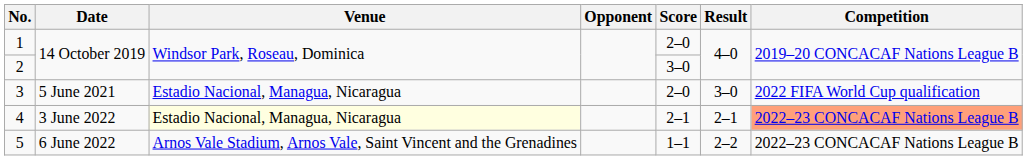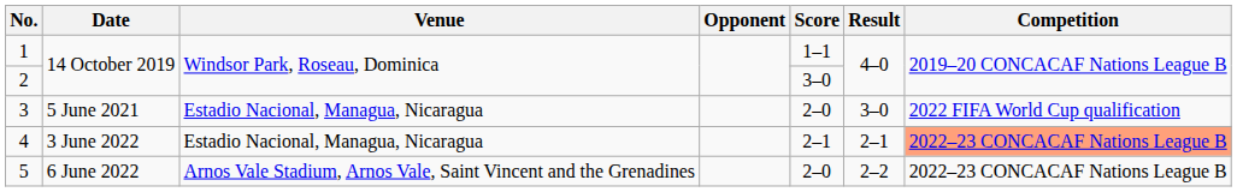 <table class="wikitable sortable">
 <tr>
 <th>No.</th>
 <th>Date</th>
 <th>Venue</th>
 <th>Opponent</th>
 <th>Score</th>
 <th>Result</th>
 <th>Competition</th>
 </tr>
 <tr>
 <td align=center>1</td>
 <td rowspan=2>14 October 2019</td>
 <td rowspan=2><a href='#'>Windsor Park</a>, <a href='#'>Roseau</a>, Dominica</td>
 <td rowspan=2></td>
-<td align=center>2–0</td>
+<td align=center>1–1</td>
 <td rowspan=2 align=center>4–0</td>
 <td rowspan=2><a href='#'>2019–20 CONCACAF Nations League B</a></td>
 </tr>
 <tr>
 <td align=center>2</td>
 <td align=center>3–0</td>
 </tr>
 <tr>
 <td align=center>3</td>
 <td>5 June 2021</td>
 <td><a href='#'>Estadio Nacional</a>, <a href='#'>Managua</a>, Nicaragua</td>
 <td></td>
 <td align=center>2–0</td>
 <td align=center>3–0</td>
 <td><a href='#'>2022 FIFA World Cup qualification</a></td>
 </tr>
 <tr>
 <td align=center>4</td>
 <td>3 June 2022</td>
-<td style="background: lightyellow;">Estadio Nacional, Managua, Nicaragua</td>
+<td>Estadio Nacional, Managua, Nicaragua</td>
 <td></td>
 <td align=center>2–1</td>
 <td align=center>2–1</td>
 <td style="background: lightsalmon;"><a href='#'>2022–23 CONCACAF Nations League B</a></td>
 </tr>
 <tr>
 <td align=center>5</td>
 <td>6 June 2022</td>
 <td><a href='#'>Arnos Vale Stadium</a>, <a href='#'>Arnos Vale</a>, Saint Vincent and the Grenadines</td>
 <td></td>
-<td align=center>1–1</td>
+<td align=center>2–0</td>
 <td align=center>2–2</td>
 <td>2022–23 CONCACAF Nations League B</td>
 </tr>
 </table>
